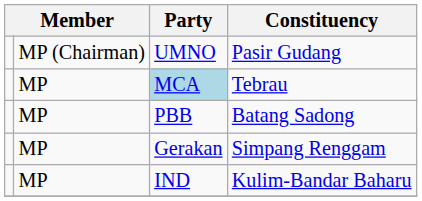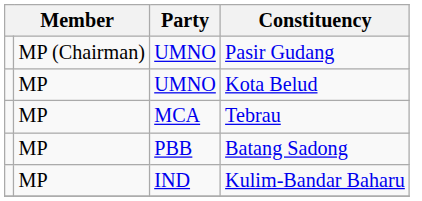 <table class="sortable wikitable">
 <tr>
 <th colspan="2" valign="top">Member</th>
 <th valign="top">Party</th>
 <th valign="top">Constituency</th>
 </tr>
 <tr>
 <td></td>
 <td> MP (Chairman)</td>
 <td><a href='#'>UMNO</a></td>
 <td><a href='#'>Pasir Gudang</a></td>
 </tr>
 <tr>
 <td></td>
 <td> MP</td>
-<td style="background: lightblue;"><a href='#'>MCA</a></td>
+<td><a href='#'>UMNO</a></td>
+<td><a href='#'>Kota Belud</a></td>
+</tr>
+<tr>
+<td></td>
+<td> MP</td>
+<td><a href='#'>MCA</a></td>
 <td><a href='#'>Tebrau</a></td>
 </tr>
 <tr>
 <td></td>
 <td> MP</td>
 <td><a href='#'>PBB</a></td>
 <td><a href='#'>Batang Sadong</a></td>
 </tr>
 <tr>
 <td></td>
 <td> MP</td>
-<td><a href='#'>Gerakan</a></td>
-<td><a href='#'>Simpang Renggam</a></td>
-</tr>
-<tr>
-<td></td>
-<td> MP</td>
 <td><a href='#'>IND</a></td>
 <td><a href='#'>Kulim-Bandar Baharu</a></td>
 </tr>
 <tr>
 </tr>
 </table>
